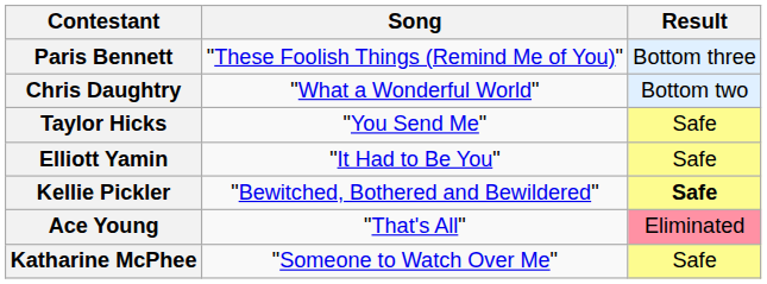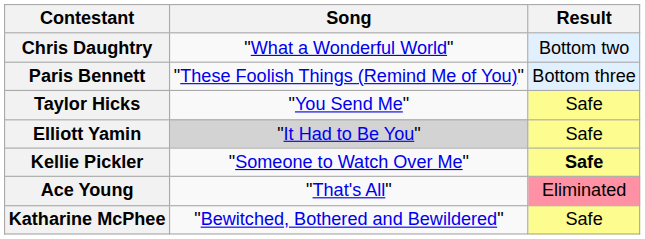 <table class="wikitable unsortable" style="text-align:center;">
 <tr>
 <th scope="col">Contestant</th>
 <th scope="col">Song</th>
 <th scope="col">Result</th>
 </tr>
 <tr>
+<th scope="row">Chris Daughtry</th>
+<td>"<a href='#'>What a Wonderful World</a>"</td>
+<td bgcolor="E0F0FF">Bottom two</td>
+</tr>
+<tr>
 <th scope="row">Paris Bennett</th>
 <td>"<a href='#'>These Foolish Things (Remind Me of You)</a>"</td>
 <td bgcolor="E0F0FF">Bottom three</td>
-</tr>
-<tr>
-<th scope="row">Chris Daughtry</th>
-<td>"<a href='#'>What a Wonderful World</a>"</td>
-<td bgcolor="E0F0FF">Bottom two</td>
 </tr>
 <tr>
 <th scope="row">Taylor Hicks</th>
 <td>"<a href='#'>You Send Me</a>"</td>
 <td style="background:#FDFC8F">Safe</td>
 </tr>
 <tr>
 <th scope="row">Elliott Yamin</th>
-<td>"<a href='#'>It Had to Be You</a>"</td>
+<td style="background: lightgrey;">"<a href='#'>It Had to Be You</a>"</td>
 <td style="background:#FDFC8F">Safe</td>
 </tr>
 <tr>
 <th scope="row">Kellie Pickler</th>
-<td>"<a href='#'>Bewitched, Bothered and Bewildered</a>"</td>
+<td>"<a href='#'>Someone to Watch Over Me</a>"</td>
 <td style="background:#FDFC8F"><strong>Safe</strong></td>
 </tr>
 <tr>
 <th scope="row">Ace Young</th>
 <td>"<a href='#'>That's All</a>"</td>
 <td bgcolor="FF91A4">Eliminated</td>
 </tr>
 <tr>
 <th scope="row">Katharine McPhee</th>
-<td>"<a href='#'>Someone to Watch Over Me</a>"</td>
+<td>"<a href='#'>Bewitched, Bothered and Bewildered</a>"</td>
 <td style="background:#FDFC8F">Safe</td>
 </tr>
 </table>
